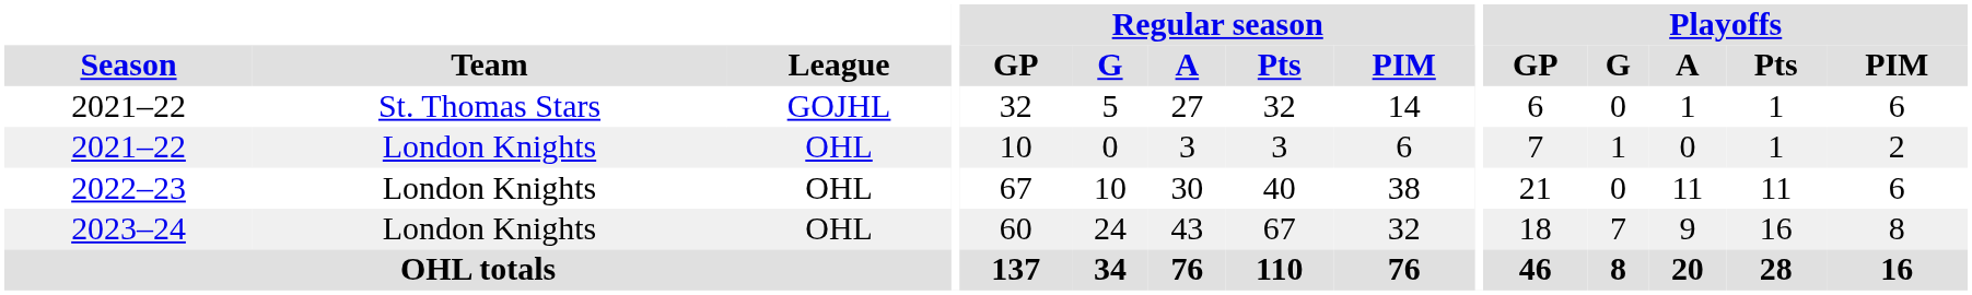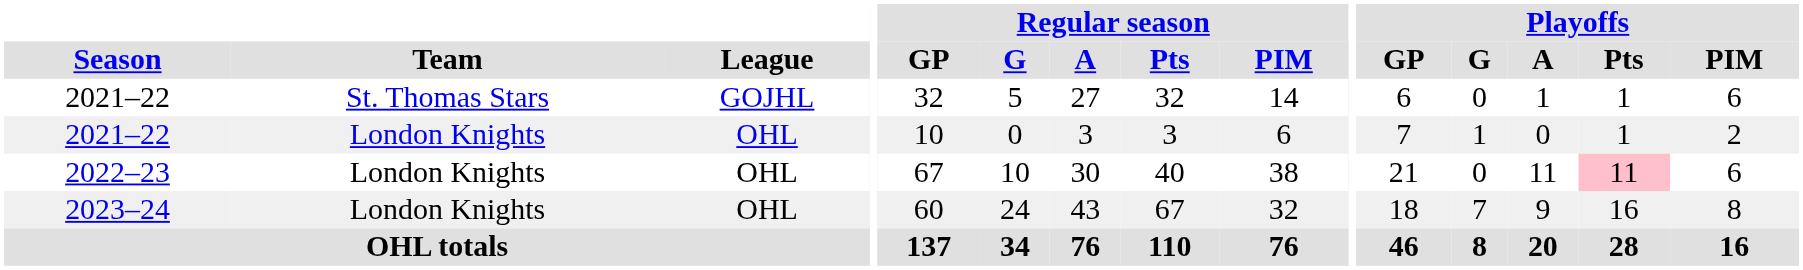 <table border="0" cellpadding="1" cellspacing="0" style="text-align:center; width:60em">
 <tr bgcolor="#e0e0e0">
 <th colspan="3" bgcolor="#ffffff"></th>
 <th rowspan="100" bgcolor="#ffffff"></th>
 <th colspan="5"><a href='#'>Regular season</a></th>
 <th rowspan="100" bgcolor="#ffffff"></th>
 <th colspan="5"><a href='#'>Playoffs</a></th>
 </tr>
 <tr bgcolor="#e0e0e0">
 <th><a href='#'>Season</a></th>
 <th>Team</th>
 <th>League</th>
 <th>GP</th>
 <th><a href='#'>G</a></th>
 <th><a href='#'>A</a></th>
 <th><a href='#'>Pts</a></th>
 <th><a href='#'>PIM</a></th>
 <th>GP</th>
 <th>G</th>
 <th>A</th>
 <th>Pts</th>
 <th>PIM</th>
 </tr>
 <tr>
 <td>2021–22</td>
 <td><a href='#'>St. Thomas Stars</a></td>
 <td><a href='#'>GOJHL</a></td>
 <td>32</td>
 <td>5</td>
 <td>27</td>
 <td>32</td>
 <td>14</td>
 <td>6</td>
 <td>0</td>
 <td>1</td>
 <td>1</td>
 <td>6</td>
 </tr>
 <tr bgcolor="#f0f0f0">
 <td><a href='#'>2021–22</a></td>
 <td><a href='#'>London Knights</a></td>
 <td><a href='#'>OHL</a></td>
 <td>10</td>
 <td>0</td>
 <td>3</td>
 <td>3</td>
 <td>6</td>
 <td>7</td>
 <td>1</td>
 <td>0</td>
 <td>1</td>
 <td>2</td>
 </tr>
 <tr>
 <td><a href='#'>2022–23</a></td>
 <td>London Knights</td>
 <td>OHL</td>
 <td>67</td>
 <td>10</td>
 <td>30</td>
 <td>40</td>
 <td>38</td>
 <td>21</td>
 <td>0</td>
 <td>11</td>
-<td>11</td>
+<td style="background: pink;">11</td>
 <td>6</td>
 </tr>
 <tr>
 </tr>
 <tr bgcolor="#f0f0f0">
 <td><a href='#'>2023–24</a></td>
 <td>London Knights</td>
 <td>OHL</td>
 <td>60</td>
 <td>24</td>
 <td>43</td>
 <td>67</td>
 <td>32</td>
 <td>18</td>
 <td>7</td>
 <td>9</td>
 <td>16</td>
 <td>8</td>
 </tr>
 <tr>
 </tr>
 <tr bgcolor="#e0e0e0">
 <th colspan="3">OHL totals</th>
 <th>137</th>
 <th>34</th>
 <th>76</th>
 <th>110</th>
 <th>76</th>
 <th>46</th>
 <th>8</th>
 <th>20</th>
 <th>28</th>
 <th>16</th>
 </tr>
 </table>
